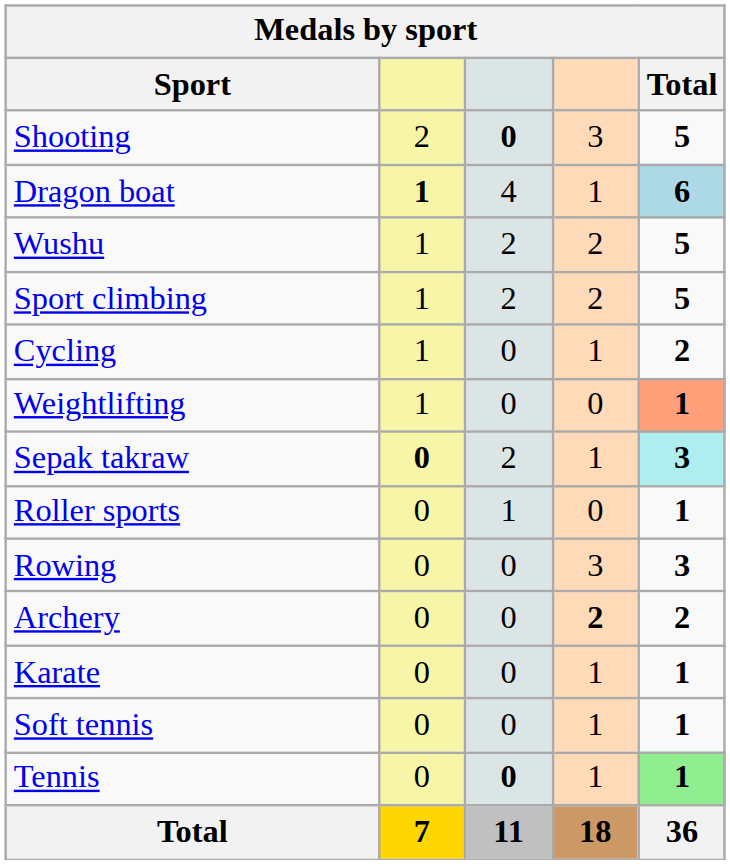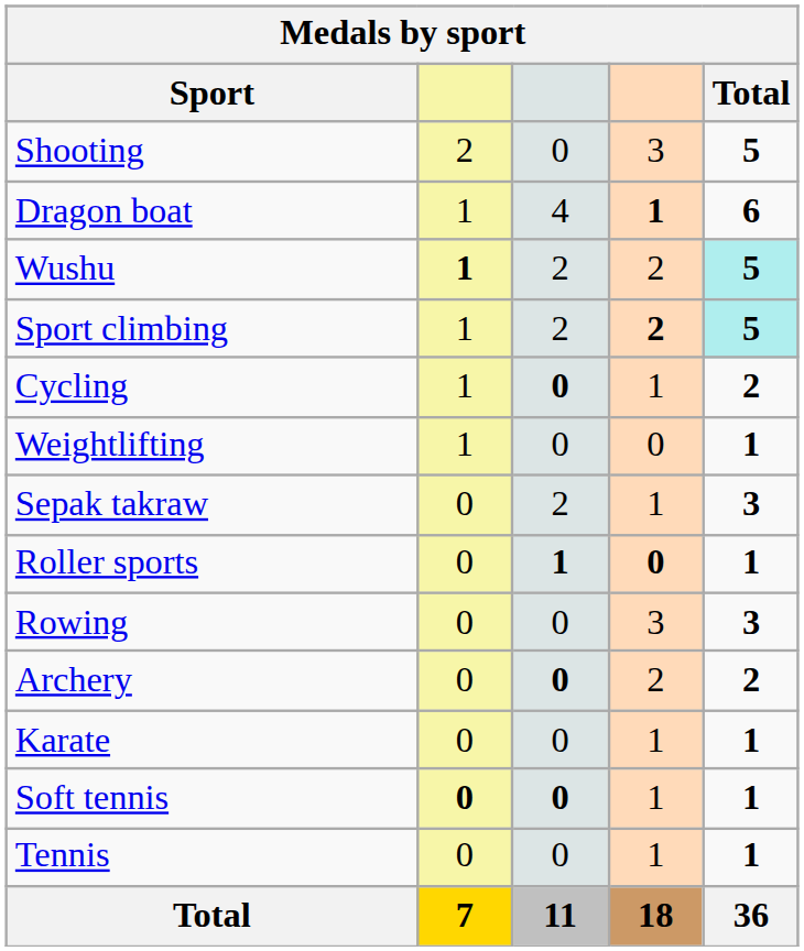 <table class=wikitable style="font-size:85%;text-align:center;float:right;clear:right;margin-left:1em;">
 <tr bgcolor=EFEFEF>
 <th colspan=7>Medals by sport</th>
 </tr>
 <tr>
 <th width=150>Sport</th>
 <th scope="col" width=30 style="background:#F7F6A8;"></th>
 <th scope="col" width=30 style="background:#DCE5E5;"></th>
 <th scope="col" width=30 style="background:#FFDAB9;"></th>
 <th width=30>Total</th>
 </tr>
 <tr>
 <td align=left> <a href='#'>Shooting</a></td>
 <td style="background:#F7F6A8;">2</td>
-<td style="background:#DCE5E5;"><strong>0</strong></td>
+<td style="background:#DCE5E5;">0</td>
 <td style="background:#FFDAB9;">3</td>
 <td><strong>5</strong></td>
 </tr>
 <tr>
 <td align=left> <a href='#'>Dragon boat</a></td>
-<td style="background:#F7F6A8;"><strong>1</strong></td>
+<td style="background:#F7F6A8;">1</td>
 <td style="background:#DCE5E5;">4</td>
-<td style="background:#FFDAB9;">1</td>
-<td style="background: lightblue;"><strong>6</strong></td>
+<td style="background:#FFDAB9;"><strong>1</strong></td>
+<td><strong>6</strong></td>
 </tr>
 <tr>
 <td align=left> <a href='#'>Wushu</a></td>
-<td style="background:#F7F6A8;">1</td>
+<td style="background:#F7F6A8;"><strong>1</strong></td>
 <td style="background:#DCE5E5;">2</td>
 <td style="background:#FFDAB9;">2</td>
-<td><strong>5</strong></td>
+<td style="background: paleturquoise;"><strong>5</strong></td>
 </tr>
 <tr>
 <td align=left> <a href='#'>Sport climbing</a></td>
 <td style="background:#F7F6A8;">1</td>
 <td style="background:#DCE5E5;">2</td>
-<td style="background:#FFDAB9;">2</td>
-<td><strong>5</strong></td>
+<td style="background:#FFDAB9;"><strong>2</strong></td>
+<td style="background: paleturquoise;"><strong>5</strong></td>
 </tr>
 <tr>
 <td align=left> <a href='#'>Cycling</a></td>
 <td style="background:#F7F6A8;">1</td>
-<td style="background:#DCE5E5;">0</td>
+<td style="background:#DCE5E5;"><strong>0</strong></td>
 <td style="background:#FFDAB9;">1</td>
 <td><strong>2</strong></td>
 </tr>
 <tr>
 <td align=left> <a href='#'>Weightlifting</a></td>
 <td style="background:#F7F6A8;">1</td>
 <td style="background:#DCE5E5;">0</td>
 <td style="background:#FFDAB9;">0</td>
-<td style="background: lightsalmon;"><strong>1</strong></td>
+<td><strong>1</strong></td>
 </tr>
 <tr>
 <td align=left> <a href='#'>Sepak takraw</a></td>
-<td style="background:#F7F6A8;"><strong>0</strong></td>
+<td style="background:#F7F6A8;">0</td>
 <td style="background:#DCE5E5;">2</td>
 <td style="background:#FFDAB9;">1</td>
-<td style="background: paleturquoise;"><strong>3</strong></td>
+<td><strong>3</strong></td>
 </tr>
 <tr>
 <td align=left> <a href='#'>Roller sports</a></td>
 <td style="background:#F7F6A8;">0</td>
-<td style="background:#DCE5E5;">1</td>
-<td style="background:#FFDAB9;">0</td>
+<td style="background:#DCE5E5;"><strong>1</strong></td>
+<td style="background:#FFDAB9;"><strong>0</strong></td>
 <td><strong>1</strong></td>
 </tr>
 <tr>
 <td align=left> <a href='#'>Rowing</a></td>
 <td style="background:#F7F6A8;">0</td>
 <td style="background:#DCE5E5;">0</td>
 <td style="background:#FFDAB9;">3</td>
 <td><strong>3</strong></td>
 </tr>
 <tr>
 <td align=left> <a href='#'>Archery</a></td>
 <td style="background:#F7F6A8;">0</td>
-<td style="background:#DCE5E5;">0</td>
-<td style="background:#FFDAB9;"><strong>2</strong></td>
+<td style="background:#DCE5E5;"><strong>0</strong></td>
+<td style="background:#FFDAB9;">2</td>
 <td><strong>2</strong></td>
 </tr>
 <tr>
 <td align=left> <a href='#'>Karate</a></td>
 <td style="background:#F7F6A8;">0</td>
 <td style="background:#DCE5E5;">0</td>
 <td style="background:#FFDAB9;">1</td>
 <td><strong>1</strong></td>
 </tr>
 <tr>
 <td align=left> <a href='#'>Soft tennis</a></td>
-<td style="background:#F7F6A8;">0</td>
-<td style="background:#DCE5E5;">0</td>
+<td style="background:#F7F6A8;"><strong>0</strong></td>
+<td style="background:#DCE5E5;"><strong>0</strong></td>
 <td style="background:#FFDAB9;">1</td>
 <td><strong>1</strong></td>
 </tr>
 <tr>
 <td align=left> <a href='#'>Tennis</a></td>
 <td style="background:#F7F6A8;">0</td>
-<td style="background:#DCE5E5;"><strong>0</strong></td>
+<td style="background:#DCE5E5;">0</td>
 <td style="background:#FFDAB9;">1</td>
-<td style="background: lightgreen;"><strong>1</strong></td>
+<td><strong>1</strong></td>
 </tr>
 <tr>
 <th>Total</th>
 <th style=background:gold>7</th>
 <th style=background:silver>11</th>
 <th style=background:#c96>18</th>
 <th>36</th>
 </tr>
 </table>
